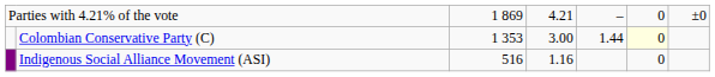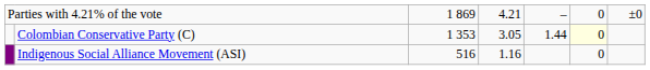 <table class="wikitable collapsible collapsed" style="text-align:right; border:0px; margin-top:-1px; margin-bottom:0;">
 <tr>
 <th style="text-align:left; font-weight:normal; background:#F9F9F9" width=500px colspan=2>Parties with 4.21% of the vote</th>
 <td width=80>1 869</td>
 <td width=50>4.21</td>
 <td width=50>–</td>
 <td width=40>0</td>
 <td width=40>±0</td>
 </tr>
 <tr>
 <td style="color:inherit;background:"></td>
 <td align="left"><a href='#'>Colombian Conservative Party</a> (C)</td>
 <td>1 353</td>
-<td>3.00</td>
+<td>3.05</td>
 <td>1.44</td>
 <td style="background: lightyellow;">0</td>
 <td></td>
 </tr>
 <tr>
 <td bgcolor="purple"></td>
 <td align="left"><a href='#'>Indigenous Social Alliance Movement</a> (ASI)</td>
 <td>516</td>
 <td>1.16</td>
 <td></td>
 <td>0</td>
 <td></td>
 </tr>
 </table>
